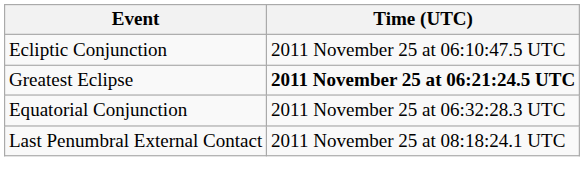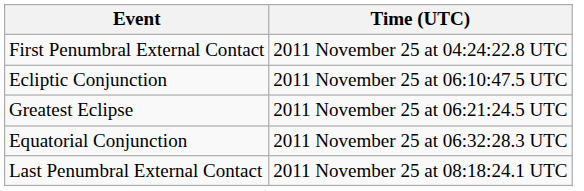 <table class="wikitable">
 <tr>
 <th>Event</th>
 <th>Time (UTC)</th>
+</tr>
+<tr>
+<td>First Penumbral External Contact</td>
+<td>2011 November 25 at 04:24:22.8 UTC</td>
 </tr>
 <tr>
 <td>Ecliptic Conjunction</td>
 <td>2011 November 25 at 06:10:47.5 UTC</td>
 </tr>
 <tr>
 <td>Greatest Eclipse</td>
-<td><strong>2011 November 25 at 06:21:24.5 UTC</strong></td>
+<td>2011 November 25 at 06:21:24.5 UTC</td>
 </tr>
 <tr>
 <td>Equatorial Conjunction</td>
 <td>2011 November 25 at 06:32:28.3 UTC</td>
 </tr>
 <tr>
 <td>Last Penumbral External Contact</td>
 <td>2011 November 25 at 08:18:24.1 UTC</td>
 </tr>
 </table>
